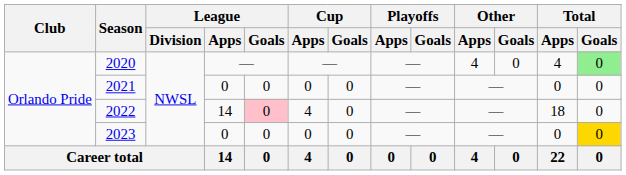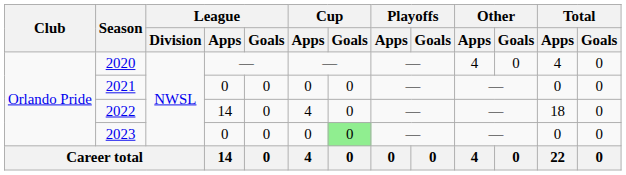 <table class="wikitable" style="text-align: center;">
 <tr>
 <th rowspan="2">Club</th>
 <th rowspan="2">Season</th>
 <th colspan="3">League</th>
 <th colspan="2">Cup</th>
 <th colspan="2">Playoffs</th>
 <th colspan="2">Other</th>
 <th colspan="2">Total</th>
 </tr>
 <tr>
 <th>Division</th>
 <th>Apps</th>
 <th>Goals</th>
 <th>Apps</th>
 <th>Goals</th>
 <th>Apps</th>
 <th>Goals</th>
 <th>Apps</th>
 <th>Goals</th>
 <th>Apps</th>
 <th>Goals</th>
 </tr>
 <tr>
 <td rowspan=4><a href='#'>Orlando Pride</a></td>
 <td><a href='#'>2020</a></td>
 <td rowspan=4><a href='#'>NWSL</a></td>
 <td colspan="2">—</td>
 <td colspan="2">—</td>
 <td colspan="2">—</td>
 <td>4</td>
 <td>0</td>
 <td>4</td>
-<td style="background: lightgreen;">0</td>
+<td>0</td>
 </tr>
 <tr>
 <td><a href='#'>2021</a></td>
 <td>0</td>
 <td>0</td>
 <td>0</td>
 <td>0</td>
 <td colspan="2">—</td>
 <td colspan="2">—</td>
 <td>0</td>
 <td>0</td>
 </tr>
 <tr>
 <td><a href='#'>2022</a></td>
 <td>14</td>
-<td style="background: pink;">0</td>
+<td>0</td>
 <td>4</td>
 <td>0</td>
 <td colspan="2">—</td>
 <td colspan="2">—</td>
 <td>18</td>
 <td>0</td>
 </tr>
 <tr>
 <td><a href='#'>2023</a></td>
 <td>0</td>
 <td>0</td>
 <td>0</td>
-<td>0</td>
+<td style="background: lightgreen;">0</td>
 <td colspan="2">—</td>
 <td colspan="2">—</td>
 <td>0</td>
-<td style="background: gold;">0</td>
+<td>0</td>
 </tr>
 <tr>
 <th colspan="3">Career total</th>
 <th>14</th>
 <th>0</th>
 <th>4</th>
 <th>0</th>
 <th>0</th>
 <th>0</th>
 <th>4</th>
 <th>0</th>
 <th>22</th>
 <th>0</th>
 </tr>
 </table>
